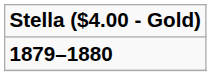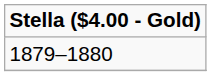 <table class="wikitable">
 <tr>
 <td><strong>Stella ($4.00 - Gold)</strong></td>
 </tr>
 <tr>
-<td><strong>1879–1880</strong></td>
+<td>1879–1880</td>
 </tr>
 <tr>
 </tr>
 </table>
